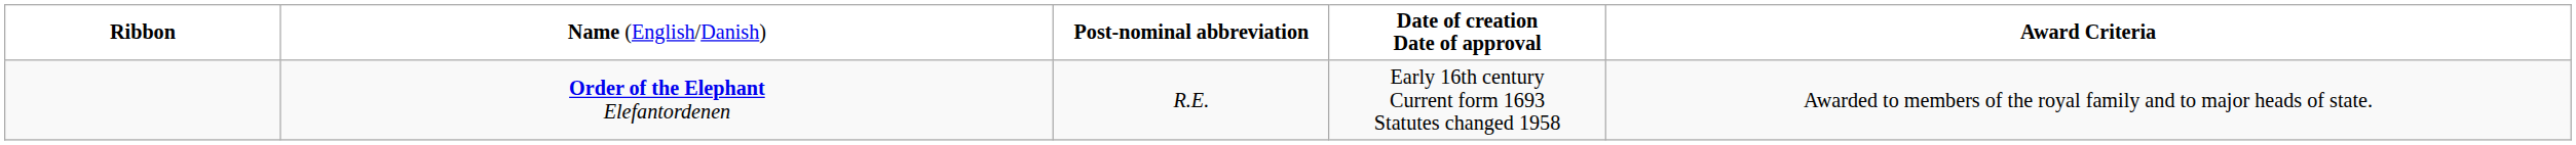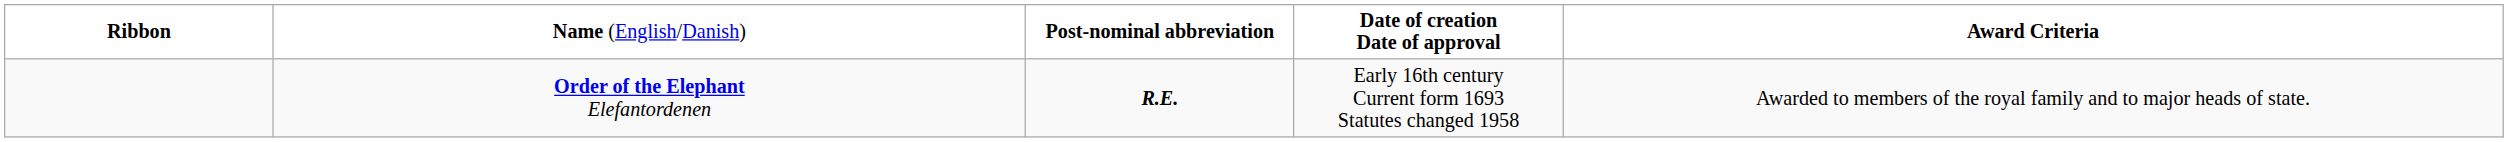 <table class="wikitable sortable" style="text-align:center;" width="100%">
 <tr>
 <td width="10%" bgcolor="#FFFFFF"><strong>Ribbon</strong></td>
 <td width="28%" bgcolor="#FFFFFF"><strong>Name</strong> (<a href='#'>English</a>/<a href='#'>Danish</a>)</td>
 <td width="10%" bgcolor="#FFFFFF"><strong>Post-nominal abbreviation</strong></td>
 <td width="10%" bgcolor="#FFFFFF"><strong>Date of creation<br>Date of approval</strong></td>
 <td width="35%" bgcolor="#FFFFFF"><strong>Award Criteria</strong></td>
 </tr>
 <tr>
 <td></td>
 <td><strong><a href='#'>Order of the Elephant</a></strong><br><em>Elefantordenen</em><br></td>
-<td><em>R.E.</em></td>
+<td><strong><em>R.E.</em></strong></td>
 <td>Early 16th century<br>Current form 1693<br>Statutes changed 1958</td>
 <td>Awarded to members of the royal family and to major heads of state.</td>
 </tr>
 </table>
